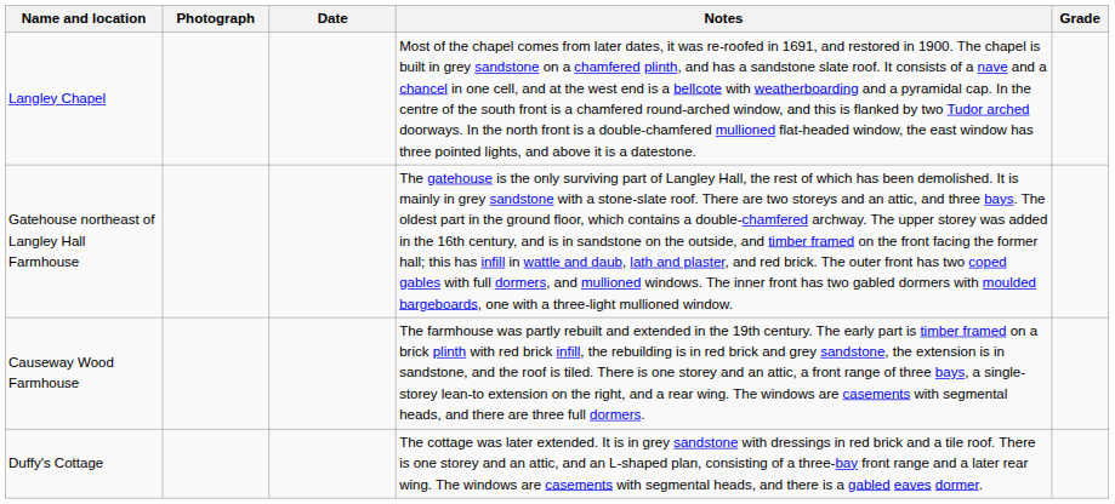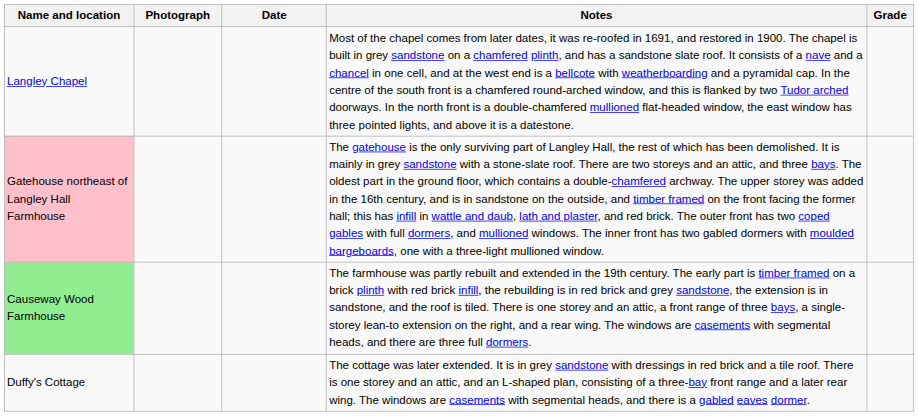 <table class="wikitable sortable plainrowheaders" style="width:100%; border:0; text-align:left; line-height:150%;">
 <tr>
 <th scope="col"  style="width:150px">Name and location</th>
 <th scope="col"  style="width:100px" class="unsortable">Photograph</th>
 <th scope="col"  style="width:120px">Date</th>
 <th scope="col"  style="width:650px" class="unsortable">Notes</th>
 <th scope="col"  style="width:50px">Grade</th>
 </tr>
 <tr>
 <td><a href='#'>Langley Chapel</a><br><small></small></td>
 <td></td>
 <td align="center"></td>
 <td>Most of the chapel comes from later dates, it was re-roofed in 1691, and restored in 1900.  The chapel is built in grey <a href='#'>sandstone</a> on a <a href='#'>chamfered</a> <a href='#'>plinth</a>, and has a sandstone slate roof.  It consists of a <a href='#'>nave</a> and a <a href='#'>chancel</a> in one cell, and at the west end is a <a href='#'>bellcote</a> with <a href='#'>weatherboarding</a> and a pyramidal cap.  In the centre of the south front is a chamfered round-arched window, and this is flanked by two <a href='#'>Tudor arched</a> doorways.  In the north front is a double-chamfered <a href='#'>mullioned</a> flat-headed window, the east window has three pointed lights, and above it is a datestone.</td>
 <td align="center" ></td>
 </tr>
 <tr>
-<td>Gatehouse northeast of Langley Hall Farmhouse<br><small></small></td>
+<td style="background: pink;">Gatehouse northeast of Langley Hall Farmhouse<br><small></small></td>
 <td></td>
 <td align="center"></td>
 <td>The <a href='#'>gatehouse</a> is the only surviving part of Langley Hall, the rest of which has been demolished.  It is mainly in grey <a href='#'>sandstone</a> with a stone-slate roof.  There are two storeys and an attic, and three <a href='#'>bays</a>.  The oldest part in the ground floor, which contains a double-<a href='#'>chamfered</a> archway.  The upper storey was added in the 16th century, and is in sandstone on the outside, and <a href='#'>timber framed</a> on the front facing the former hall; this has <a href='#'>infill</a> in <a href='#'>wattle and daub</a>, <a href='#'>lath and plaster</a>, and red brick.  The outer front has two <a href='#'>coped</a> <a href='#'>gables</a> with full <a href='#'>dormers</a>, and <a href='#'>mullioned</a> windows.  The inner front has two gabled dormers with <a href='#'>moulded</a> <a href='#'>bargeboards</a>, one with a three-light mullioned window.</td>
 <td align="center" ></td>
 </tr>
 <tr>
-<td>Causeway Wood Farmhouse<br><small></small></td>
+<td style="background: lightgreen;">Causeway Wood Farmhouse<br><small></small></td>
 <td></td>
 <td align="center"></td>
 <td>The farmhouse was partly rebuilt and extended in the 19th century.  The early part is <a href='#'>timber framed</a> on a brick <a href='#'>plinth</a> with red brick <a href='#'>infill</a>, the rebuilding is in red brick and grey <a href='#'>sandstone</a>, the extension is in sandstone, and the roof is tiled.  There is one storey and an attic, a front range of three <a href='#'>bays</a>, a single-storey lean-to extension on the right, and a rear wing.  The windows are <a href='#'>casements</a> with segmental heads, and there are three full <a href='#'>dormers</a>.</td>
 <td align="center" ></td>
 </tr>
 <tr>
 <td>Duffy's Cottage<br><small></small></td>
 <td></td>
 <td align="center"></td>
 <td>The cottage was later extended.  It is in grey <a href='#'>sandstone</a> with dressings in red brick and a tile roof.  There is one storey and an attic, and an L-shaped plan, consisting of a three-<a href='#'>bay</a> front range and a later rear wing.  The windows are <a href='#'>casements</a> with segmental heads, and there is a <a href='#'>gabled</a> <a href='#'>eaves</a> <a href='#'>dormer</a>.</td>
 <td align="center" ></td>
 </tr>
 <tr>
 </tr>
 </table>
